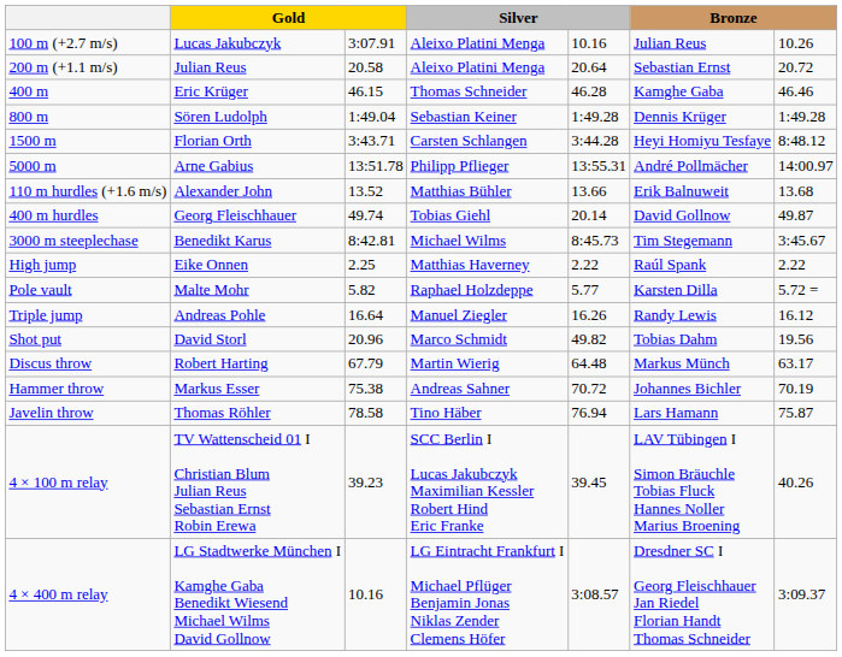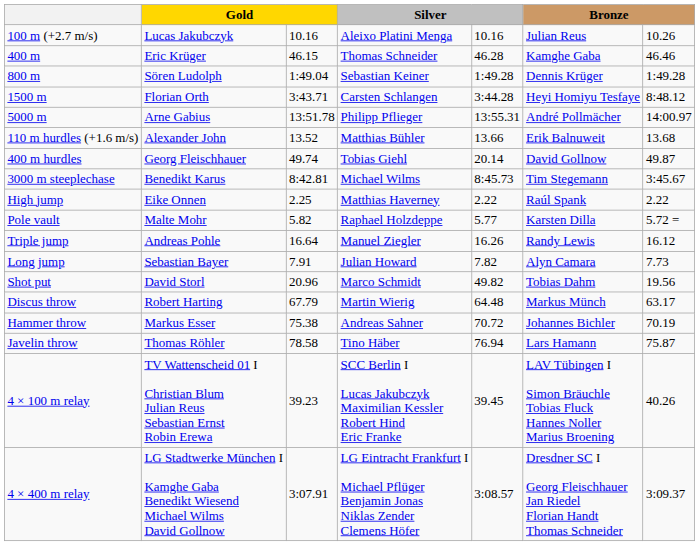 <table class="wikitable">
 <tr>
 <th></th>
 <th style="background:gold;" colspan=2>Gold</th>
 <th style="background:silver;" colspan=2>Silver</th>
 <th style="background:#cc9966;" colspan=2>Bronze</th>
 </tr>
 <tr>
 <td><a href='#'>100 m</a> (+2.7 m/s)</td>
 <td><a href='#'>Lucas Jakubczyk</a></td>
-<td>3:07.91 </td>
+<td>10.16</td>
 <td><a href='#'>Aleixo Platini Menga</a></td>
 <td>10.16</td>
 <td><a href='#'>Julian Reus</a></td>
 <td>10.26</td>
-</tr>
-<tr>
-<td><a href='#'>200 m</a> (+1.1 m/s)</td>
-<td><a href='#'>Julian Reus</a></td>
-<td>20.58 </td>
-<td><a href='#'>Aleixo Platini Menga</a></td>
-<td>20.64</td>
-<td><a href='#'>Sebastian Ernst</a></td>
-<td>20.72</td>
 </tr>
 <tr>
 <td><a href='#'>400 m</a></td>
 <td><a href='#'>Eric Krüger</a></td>
 <td>46.15</td>
 <td><a href='#'>Thomas Schneider</a></td>
 <td>46.28</td>
 <td><a href='#'>Kamghe Gaba</a></td>
 <td>46.46</td>
 </tr>
 <tr>
 <td><a href='#'>800 m</a></td>
 <td><a href='#'>Sören Ludolph</a></td>
 <td>1:49.04</td>
 <td><a href='#'>Sebastian Keiner</a></td>
 <td>1:49.28</td>
 <td><a href='#'>Dennis Krüger</a></td>
 <td>1:49.28</td>
 </tr>
 <tr>
 <td><a href='#'>1500 m</a></td>
 <td><a href='#'>Florian Orth</a></td>
 <td>3:43.71</td>
 <td><a href='#'>Carsten Schlangen</a></td>
 <td>3:44.28</td>
 <td><a href='#'>Heyi Homiyu Tesfaye</a></td>
 <td>8:48.12 </td>
 </tr>
 <tr>
 <td><a href='#'>5000 m</a></td>
 <td><a href='#'>Arne Gabius</a></td>
 <td>13:51.78</td>
 <td><a href='#'>Philipp Pflieger</a></td>
 <td>13:55.31</td>
 <td><a href='#'>André Pollmächer</a></td>
 <td>14:00.97</td>
 </tr>
 <tr>
 <td><a href='#'>110 m hurdles</a> (+1.6 m/s)</td>
 <td><a href='#'>Alexander John</a></td>
 <td>13.52</td>
 <td><a href='#'>Matthias Bühler</a></td>
 <td>13.66 </td>
 <td><a href='#'>Erik Balnuweit</a></td>
 <td>13.68</td>
 </tr>
 <tr>
 <td><a href='#'>400 m hurdles</a></td>
 <td><a href='#'>Georg Fleischhauer</a></td>
 <td>49.74 </td>
 <td><a href='#'>Tobias Giehl</a></td>
 <td>20.14 </td>
 <td><a href='#'>David Gollnow</a></td>
 <td>49.87</td>
 </tr>
 <tr>
 <td><a href='#'>3000 m steeplechase</a></td>
 <td><a href='#'>Benedikt Karus</a></td>
 <td>8:42.81</td>
 <td><a href='#'>Michael Wilms</a></td>
 <td>8:45.73 </td>
 <td><a href='#'>Tim Stegemann</a></td>
 <td>3:45.67</td>
 </tr>
 <tr>
 <td><a href='#'>High jump</a></td>
 <td><a href='#'>Eike Onnen</a></td>
 <td>2.25</td>
 <td><a href='#'>Matthias Haverney</a></td>
 <td>2.22</td>
 <td><a href='#'>Raúl Spank</a></td>
 <td>2.22</td>
 </tr>
 <tr>
 <td><a href='#'>Pole vault</a></td>
 <td><a href='#'>Malte Mohr</a></td>
 <td>5.82 </td>
 <td><a href='#'>Raphael Holzdeppe</a></td>
 <td>5.77 </td>
 <td><a href='#'>Karsten Dilla</a></td>
 <td>5.72 =</td>
 </tr>
 <tr>
 <td><a href='#'>Triple jump</a></td>
 <td><a href='#'>Andreas Pohle</a></td>
 <td>16.64 </td>
 <td><a href='#'>Manuel Ziegler</a></td>
 <td>16.26 </td>
 <td><a href='#'>Randy Lewis</a></td>
 <td>16.12</td>
 </tr>
 <tr>
+<td><a href='#'>Long jump</a></td>
+<td><a href='#'>Sebastian Bayer</a></td>
+<td>7.91</td>
+<td><a href='#'>Julian Howard</a></td>
+<td>7.82</td>
+<td><a href='#'>Alyn Camara</a></td>
+<td>7.73</td>
+</tr>
+<tr>
 <td><a href='#'>Shot put</a></td>
 <td><a href='#'>David Storl</a></td>
 <td>20.96</td>
 <td><a href='#'>Marco Schmidt</a></td>
 <td>49.82</td>
 <td><a href='#'>Tobias Dahm</a></td>
 <td>19.56 </td>
 </tr>
 <tr>
 <td><a href='#'>Discus throw</a></td>
 <td><a href='#'>Robert Harting</a></td>
 <td>67.79</td>
 <td><a href='#'>Martin Wierig</a></td>
 <td>64.48</td>
 <td><a href='#'>Markus Münch</a></td>
 <td>63.17</td>
 </tr>
 <tr>
 <td><a href='#'>Hammer throw</a></td>
 <td><a href='#'>Markus Esser</a></td>
 <td>75.38</td>
 <td><a href='#'>Andreas Sahner</a></td>
 <td>70.72 </td>
 <td><a href='#'>Johannes Bichler</a></td>
 <td>70.19 </td>
 </tr>
 <tr>
 <td><a href='#'>Javelin throw</a></td>
 <td><a href='#'>Thomas Röhler</a></td>
 <td>78.58 </td>
 <td><a href='#'>Tino Häber</a></td>
 <td>76.94</td>
 <td><a href='#'>Lars Hamann</a></td>
 <td>75.87</td>
 </tr>
 <tr>
 <td><a href='#'>4 × 100 m relay</a></td>
 <td><a href='#'>TV Wattenscheid 01</a> I <br><br><a href='#'>Christian Blum</a> <br> <a href='#'>Julian Reus</a> <br> <a href='#'>Sebastian Ernst</a> <br> <a href='#'>Robin Erewa</a></td>
 <td>39.23 </td>
 <td><a href='#'>SCC Berlin</a> I <br><br><a href='#'>Lucas Jakubczyk</a> <br> <a href='#'>Maximilian Kessler</a> <br> <a href='#'>Robert Hind</a> <br> <a href='#'>Eric Franke</a></td>
 <td>39.45 </td>
 <td><a href='#'>LAV Tübingen</a> I <br><br><a href='#'>Simon Bräuchle</a> <br> <a href='#'>Tobias Fluck</a> <br> <a href='#'>Hannes Noller</a> <br> <a href='#'>Marius Broening</a></td>
 <td>40.26 </td>
 </tr>
 <tr>
 <td><a href='#'>4 × 400 m relay</a></td>
 <td><a href='#'>LG Stadtwerke München</a> I <br><br><a href='#'>Kamghe Gaba</a> <br> <a href='#'>Benedikt Wiesend</a> <br> <a href='#'>Michael Wilms</a> <br> <a href='#'>David Gollnow</a></td>
-<td>10.16</td>
+<td>3:07.91 </td>
 <td><a href='#'>LG Eintracht Frankfurt</a> I <br><br><a href='#'>Michael Pflüger</a> <br> <a href='#'>Benjamin Jonas</a> <br> <a href='#'>Niklas Zender</a> <br> <a href='#'>Clemens Höfer</a></td>
 <td>3:08.57 </td>
 <td><a href='#'>Dresdner SC</a> I <br><br><a href='#'>Georg Fleischhauer</a> <br> <a href='#'>Jan Riedel</a> <br> <a href='#'>Florian Handt</a> <br> <a href='#'>Thomas Schneider</a></td>
 <td>3:09.37 </td>
 </tr>
 </table>
